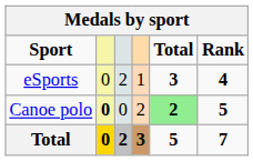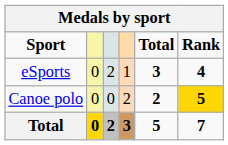 <table class=wikitable style="font-size:85%; float:right;text-align:center">
 <tr bgcolor=EFEFEF>
 <th colspan=8>Medals by sport</th>
 </tr>
 <tr>
 <td><strong>Sport</strong></td>
 <td bgcolor=F7F6A8></td>
 <td bgcolor=DCE5E5></td>
 <td bgcolor=FFDBA9></td>
 <td><strong>Total</strong></td>
 <td><strong>Rank</strong></td>
 </tr>
 <tr>
 <td><a href='#'>eSports</a></td>
 <td bgcolor=F7F6A8>0</td>
 <td bgcolor=DCE5E5>2</td>
 <td bgcolor=FFDAB9>1</td>
 <td><strong>3</strong></td>
 <td><strong>4</strong></td>
 </tr>
 <tr>
 <td><a href='#'>Canoe polo</a></td>
-<td bgcolor=F7F6A8><strong>0</strong></td>
+<td bgcolor=F7F6A8>0</td>
 <td bgcolor=DCE5E5>0</td>
 <td bgcolor=FFDAB9>2</td>
-<td style="background: lightgreen;"><strong>2</strong></td>
-<td><strong>5</strong></td>
+<td><strong>2</strong></td>
+<td style="background: gold;"><strong>5</strong></td>
 </tr>
 <tr>
 <th>Total</th>
 <td style="background:gold;"><strong>0</strong></td>
 <td style="background:silver;"><strong>2</strong></td>
 <td style="background:#c96;"><strong>3</strong></td>
 <td><strong>5</strong></td>
 <td><strong>7</strong></td>
 </tr>
 </table>
